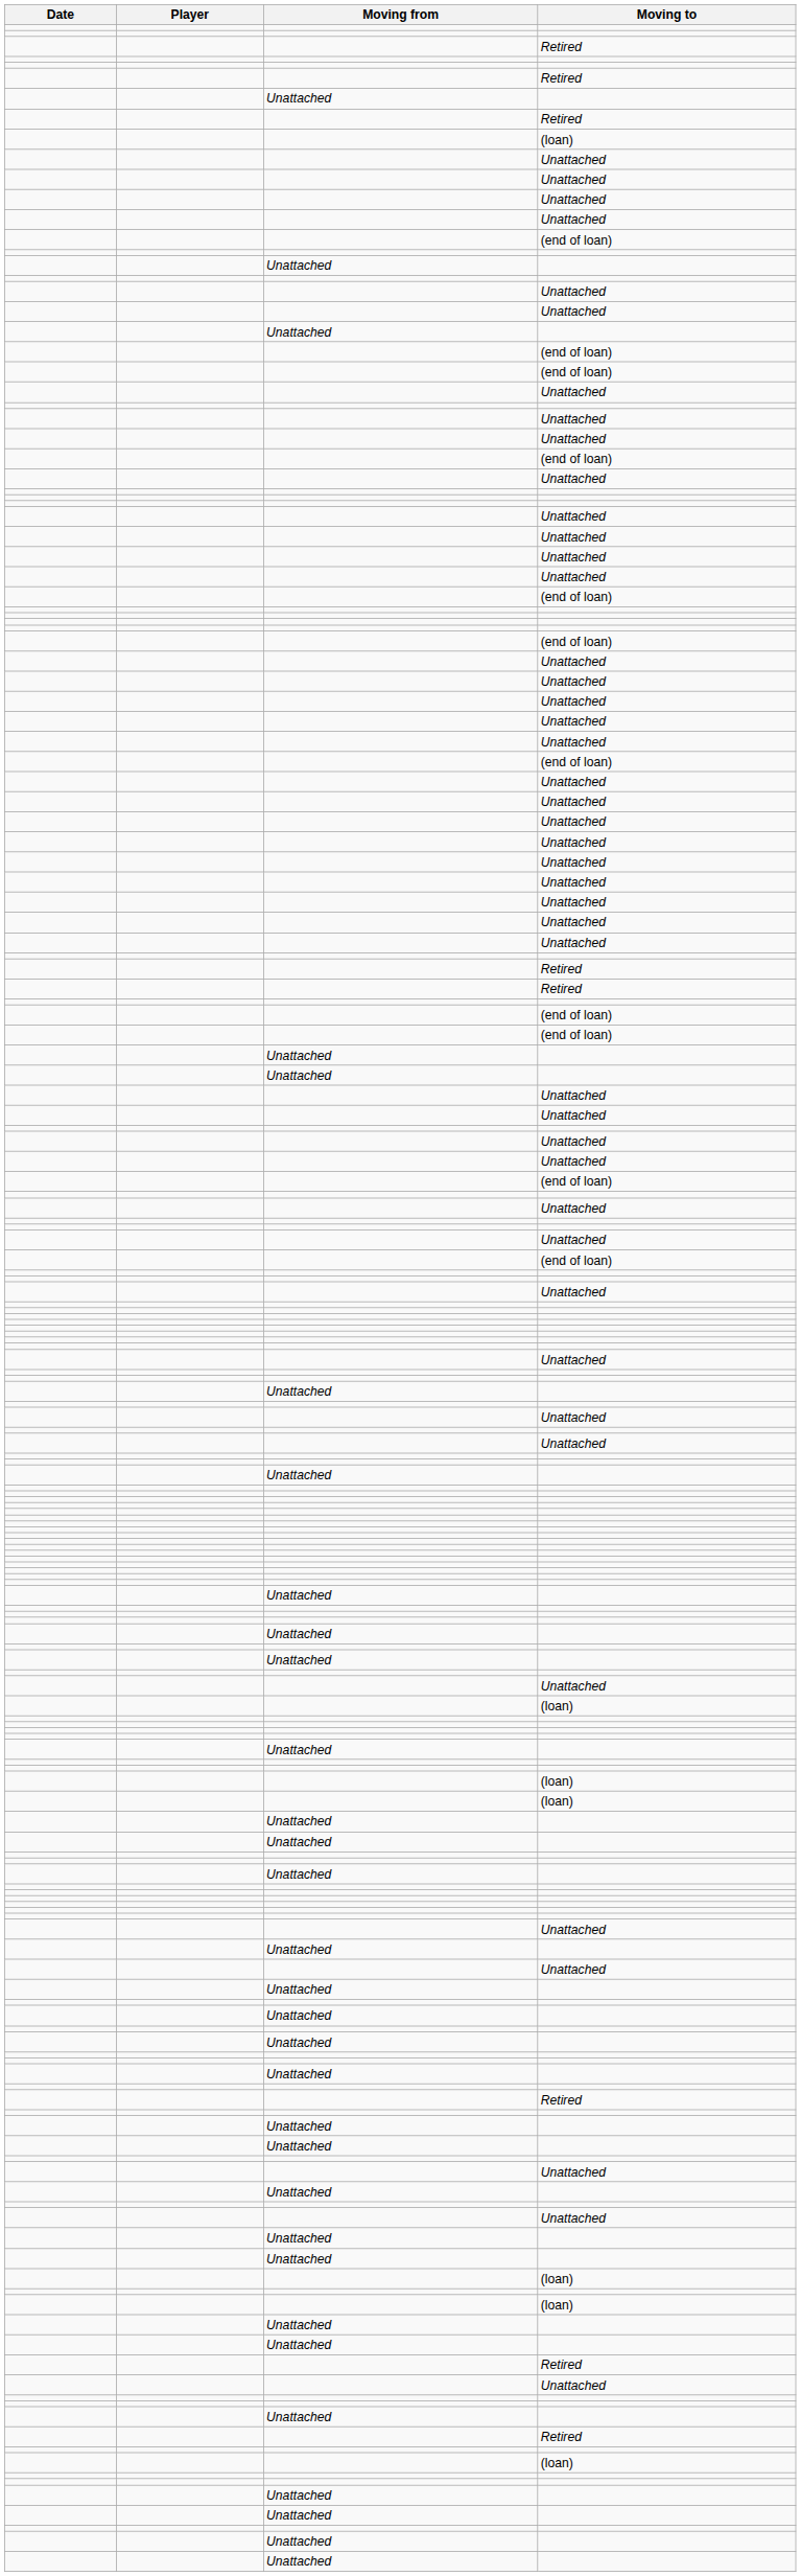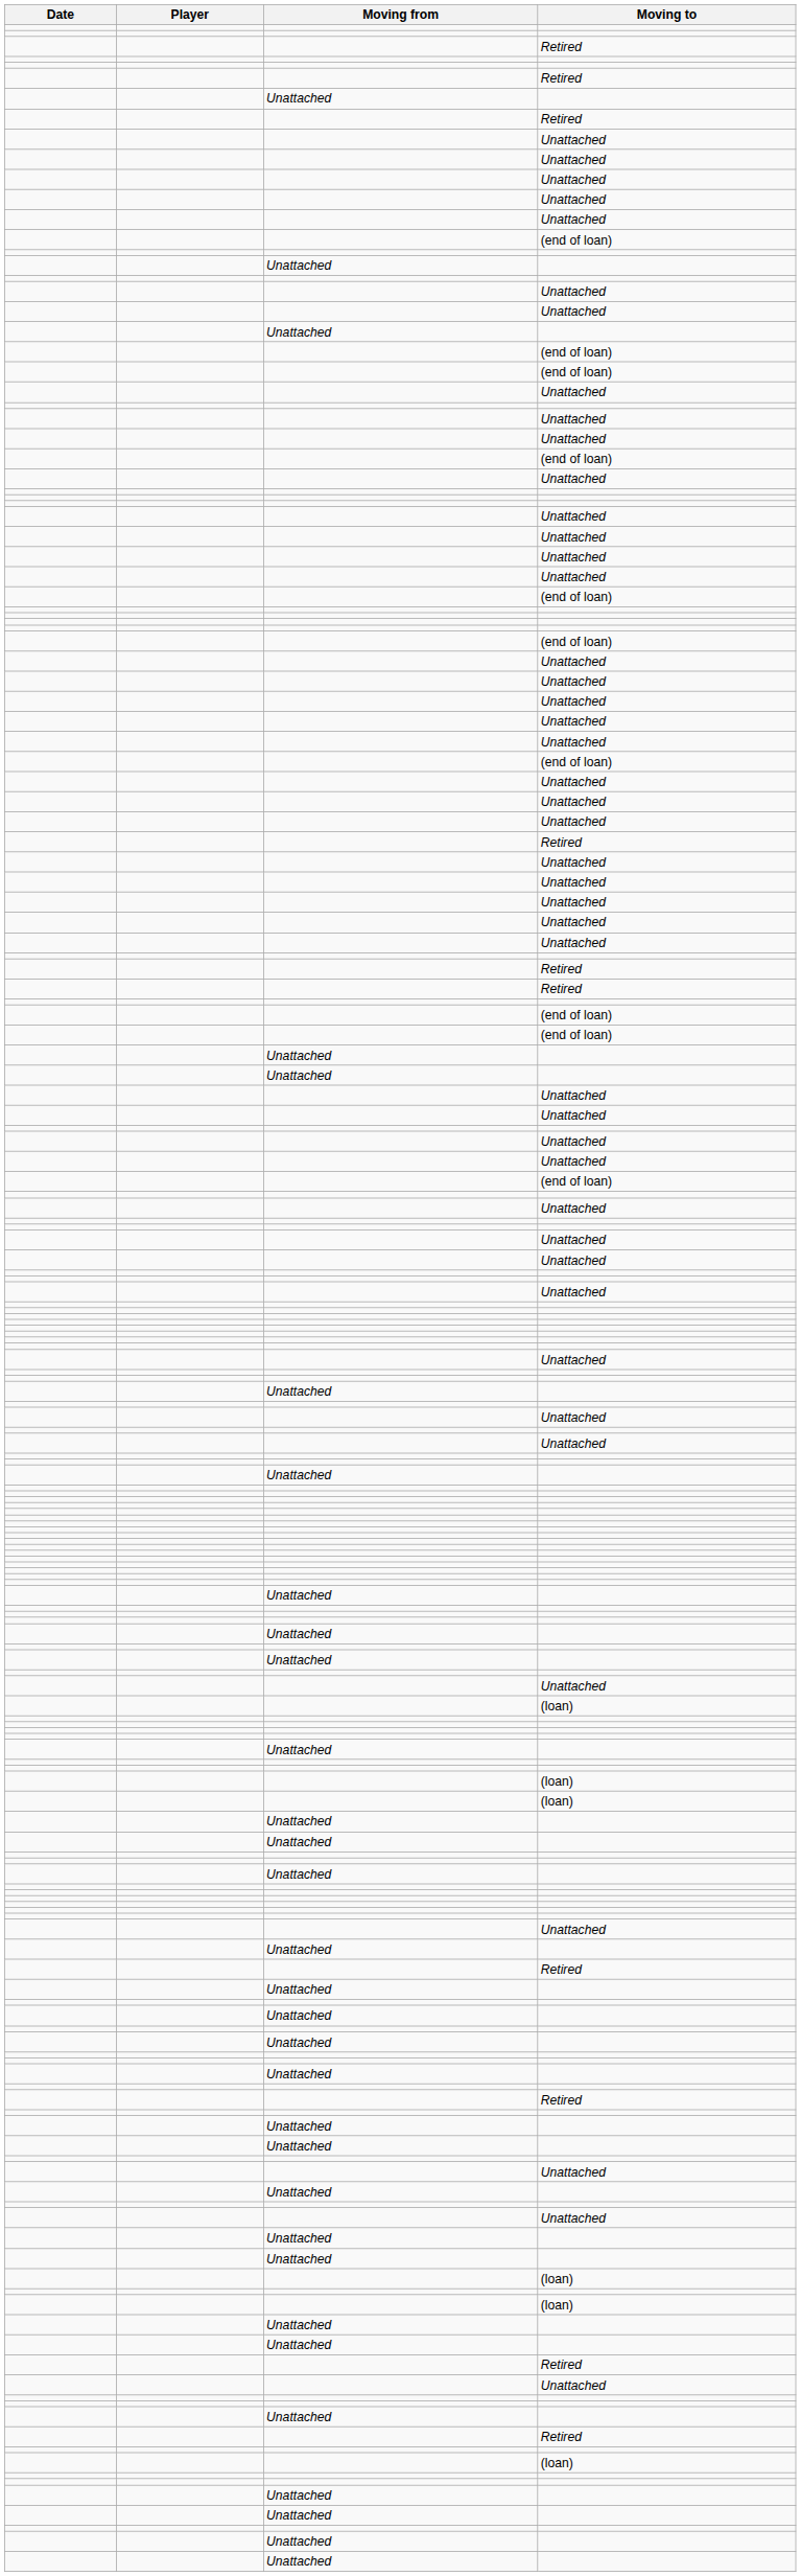 <table class="wikitable sortable" style="width:75%; font-size:95%; ">
 <tr>
 <th>Date</th>
 <th>Player</th>
 <th>Moving from</th>
 <th>Moving to</th>
 </tr>
 <tr>
 <td></td>
 <td></td>
 <td></td>
 <td></td>
 </tr>
 <tr>
 <td></td>
 <td></td>
 <td></td>
 <td></td>
 </tr>
 <tr>
 <td></td>
 <td></td>
 <td></td>
 <td><em>Retired</em></td>
 </tr>
 <tr>
 <td></td>
 <td></td>
 <td></td>
 <td></td>
 </tr>
 <tr>
 <td></td>
 <td></td>
 <td></td>
 <td></td>
 </tr>
 <tr>
 <td></td>
 <td></td>
 <td></td>
 <td><em>Retired</em></td>
 </tr>
 <tr>
 <td></td>
 <td></td>
 <td><em>Unattached</em></td>
 <td></td>
 </tr>
 <tr>
 <td></td>
 <td></td>
 <td></td>
 <td><em>Retired</em></td>
 </tr>
 <tr>
 <td></td>
 <td></td>
 <td></td>
-<td> (loan)</td>
+<td><em>Unattached</em></td>
 </tr>
 <tr>
 <td></td>
 <td></td>
 <td></td>
 <td><em>Unattached</em></td>
 </tr>
 <tr>
 <td></td>
 <td></td>
 <td></td>
 <td><em>Unattached</em></td>
 </tr>
 <tr>
 <td></td>
 <td></td>
 <td></td>
 <td><em>Unattached</em></td>
 </tr>
 <tr>
 <td></td>
 <td></td>
 <td></td>
 <td><em>Unattached</em></td>
 </tr>
 <tr>
 <td></td>
 <td></td>
 <td></td>
 <td> (end of loan)</td>
 </tr>
 <tr>
 <td></td>
 <td></td>
 <td></td>
 <td></td>
 </tr>
 <tr>
 <td></td>
 <td></td>
 <td><em>Unattached</em></td>
 <td></td>
 </tr>
 <tr>
 <td></td>
 <td></td>
 <td></td>
 <td></td>
 </tr>
 <tr>
 <td></td>
 <td></td>
 <td></td>
 <td><em>Unattached</em></td>
 </tr>
 <tr>
 <td></td>
 <td></td>
 <td></td>
 <td><em>Unattached</em></td>
 </tr>
 <tr>
 <td></td>
 <td></td>
 <td><em>Unattached</em></td>
 <td></td>
 </tr>
 <tr>
 <td></td>
 <td></td>
 <td></td>
 <td> (end of loan)</td>
 </tr>
 <tr>
 <td></td>
 <td></td>
 <td></td>
 <td> (end of loan)</td>
 </tr>
 <tr>
 <td></td>
 <td></td>
 <td></td>
 <td><em>Unattached</em></td>
 </tr>
 <tr>
 <td></td>
 <td></td>
 <td></td>
 <td></td>
 </tr>
 <tr>
 <td></td>
 <td></td>
 <td></td>
 <td><em>Unattached</em></td>
 </tr>
 <tr>
 <td></td>
 <td></td>
 <td></td>
 <td><em>Unattached</em></td>
 </tr>
 <tr>
 <td></td>
 <td></td>
 <td></td>
 <td> (end of loan)</td>
 </tr>
 <tr>
 <td></td>
 <td></td>
 <td></td>
 <td><em>Unattached</em></td>
 </tr>
 <tr>
 <td></td>
 <td></td>
 <td></td>
 <td></td>
 </tr>
 <tr>
 <td></td>
 <td></td>
 <td></td>
 <td></td>
 </tr>
 <tr>
 <td></td>
 <td></td>
 <td></td>
 <td></td>
 </tr>
 <tr>
 <td></td>
 <td></td>
 <td></td>
 <td><em>Unattached</em> </td>
 </tr>
 <tr>
 <td></td>
 <td></td>
 <td></td>
 <td><em>Unattached</em></td>
 </tr>
 <tr>
 <td></td>
 <td></td>
 <td></td>
 <td><em>Unattached</em></td>
 </tr>
 <tr>
 <td></td>
 <td></td>
 <td></td>
 <td><em>Unattached</em></td>
 </tr>
 <tr>
 <td></td>
 <td></td>
 <td></td>
 <td> (end of loan)</td>
 </tr>
 <tr>
 <td></td>
 <td></td>
 <td></td>
 <td></td>
 </tr>
 <tr>
 <td></td>
 <td></td>
 <td></td>
 <td></td>
 </tr>
 <tr>
 <td></td>
 <td></td>
 <td></td>
 <td></td>
 </tr>
 <tr>
 <td></td>
 <td></td>
 <td></td>
 <td></td>
 </tr>
 <tr>
 <td></td>
 <td></td>
 <td></td>
 <td> (end of loan)</td>
 </tr>
 <tr>
 <td></td>
 <td></td>
 <td></td>
 <td><em>Unattached</em></td>
 </tr>
 <tr>
 <td></td>
 <td></td>
 <td></td>
 <td><em>Unattached</em></td>
 </tr>
 <tr>
 <td></td>
 <td></td>
 <td></td>
 <td><em>Unattached</em></td>
 </tr>
 <tr>
 <td></td>
 <td></td>
 <td></td>
 <td><em>Unattached</em></td>
 </tr>
 <tr>
 <td></td>
 <td></td>
 <td></td>
 <td><em>Unattached</em></td>
 </tr>
 <tr>
 <td></td>
 <td></td>
 <td></td>
 <td> (end of loan)</td>
 </tr>
 <tr>
 <td></td>
 <td></td>
 <td></td>
 <td><em>Unattached</em></td>
 </tr>
 <tr>
 <td></td>
 <td></td>
 <td></td>
 <td><em>Unattached</em></td>
 </tr>
 <tr>
 <td></td>
 <td></td>
 <td></td>
 <td><em>Unattached</em></td>
 </tr>
 <tr>
 <td></td>
 <td></td>
 <td></td>
-<td><em>Unattached</em></td>
+<td><em>Retired</em></td>
 </tr>
 <tr>
 <td></td>
 <td></td>
 <td></td>
 <td><em>Unattached</em></td>
 </tr>
 <tr>
 <td></td>
 <td></td>
 <td></td>
 <td><em>Unattached</em></td>
 </tr>
 <tr>
 <td></td>
 <td></td>
 <td></td>
 <td><em>Unattached</em></td>
 </tr>
 <tr>
 <td></td>
 <td></td>
 <td></td>
 <td><em>Unattached</em></td>
 </tr>
 <tr>
 <td></td>
 <td></td>
 <td></td>
 <td><em>Unattached</em></td>
 </tr>
 <tr>
 <td></td>
 <td></td>
 <td></td>
 <td></td>
 </tr>
 <tr>
 <td></td>
 <td></td>
 <td></td>
 <td><em>Retired</em></td>
 </tr>
 <tr>
 <td></td>
 <td></td>
 <td></td>
 <td><em>Retired</em></td>
 </tr>
 <tr>
 <td></td>
 <td></td>
 <td></td>
 <td></td>
 </tr>
 <tr>
 <td></td>
 <td></td>
 <td></td>
 <td> (end of loan)</td>
 </tr>
 <tr>
 <td></td>
 <td></td>
 <td></td>
 <td> (end of loan)</td>
 </tr>
 <tr>
 <td></td>
 <td></td>
 <td><em>Unattached</em></td>
 <td></td>
 </tr>
 <tr>
 <td></td>
 <td></td>
 <td><em>Unattached</em></td>
 <td></td>
 </tr>
 <tr>
 <td></td>
 <td></td>
 <td></td>
 <td><em>Unattached</em></td>
 </tr>
 <tr>
 <td></td>
 <td></td>
 <td></td>
 <td><em>Unattached</em></td>
 </tr>
 <tr>
 <td></td>
 <td></td>
 <td></td>
 <td></td>
 </tr>
 <tr>
 <td></td>
 <td></td>
 <td></td>
 <td><em>Unattached</em></td>
 </tr>
 <tr>
 <td></td>
 <td></td>
 <td></td>
 <td><em>Unattached</em></td>
 </tr>
 <tr>
 <td></td>
 <td></td>
 <td></td>
 <td> (end of loan)</td>
 </tr>
 <tr>
 <td></td>
 <td></td>
 <td></td>
 <td></td>
 </tr>
 <tr>
 <td></td>
 <td></td>
 <td></td>
 <td><em>Unattached</em></td>
 </tr>
 <tr>
 <td></td>
 <td></td>
 <td></td>
 <td></td>
 </tr>
 <tr>
 <td></td>
 <td></td>
 <td></td>
 <td></td>
 </tr>
 <tr>
 <td></td>
 <td></td>
 <td></td>
 <td><em>Unattached</em></td>
 </tr>
 <tr>
 <td></td>
 <td></td>
 <td></td>
-<td> (end of loan)</td>
+<td><em>Unattached</em></td>
 </tr>
 <tr>
 <td></td>
 <td></td>
 <td></td>
 <td></td>
 </tr>
 <tr>
 <td></td>
 <td></td>
 <td></td>
 <td></td>
 </tr>
 <tr>
 <td></td>
 <td></td>
 <td></td>
 <td><em>Unattached</em></td>
 </tr>
 <tr>
 <td></td>
 <td></td>
 <td></td>
 <td></td>
 </tr>
 <tr>
 <td></td>
 <td></td>
 <td></td>
 <td></td>
 </tr>
 <tr>
 <td></td>
 <td></td>
 <td></td>
 <td></td>
 </tr>
 <tr>
 <td></td>
 <td></td>
 <td></td>
 <td></td>
 </tr>
 <tr>
 <td></td>
 <td></td>
 <td></td>
 <td></td>
 </tr>
 <tr>
 <td></td>
 <td></td>
 <td></td>
 <td></td>
 </tr>
 <tr>
 <td></td>
 <td></td>
 <td></td>
 <td></td>
 </tr>
 <tr>
 <td></td>
 <td></td>
 <td></td>
 <td></td>
 </tr>
 <tr>
 <td></td>
 <td></td>
 <td></td>
 <td><em>Unattached</em></td>
 </tr>
 <tr>
 <td></td>
 <td></td>
 <td></td>
 <td></td>
 </tr>
 <tr>
 <td></td>
 <td></td>
 <td></td>
 <td></td>
 </tr>
 <tr>
 <td></td>
 <td></td>
 <td><em>Unattached</em></td>
 <td></td>
 </tr>
 <tr>
 <td></td>
 <td></td>
 <td></td>
 <td></td>
 </tr>
 <tr>
 <td></td>
 <td></td>
 <td></td>
 <td><em>Unattached</em></td>
 </tr>
 <tr>
 <td></td>
 <td></td>
 <td></td>
 <td></td>
 </tr>
 <tr>
 <td></td>
 <td></td>
 <td></td>
 <td><em>Unattached</em></td>
 </tr>
 <tr>
 <td></td>
 <td></td>
 <td></td>
 <td></td>
 </tr>
 <tr>
 <td></td>
 <td></td>
 <td></td>
 <td></td>
 </tr>
 <tr>
 <td></td>
 <td></td>
 <td><em>Unattached</em></td>
 <td></td>
 </tr>
 <tr>
 <td></td>
 <td></td>
 <td></td>
 <td></td>
 </tr>
 <tr>
 <td></td>
 <td></td>
 <td></td>
 <td></td>
 </tr>
 <tr>
 <td></td>
 <td></td>
 <td></td>
 <td></td>
 </tr>
 <tr>
 <td></td>
 <td></td>
 <td></td>
 <td></td>
 </tr>
 <tr>
 <td></td>
 <td></td>
 <td></td>
 <td></td>
 </tr>
 <tr>
 <td></td>
 <td></td>
 <td></td>
 <td></td>
 </tr>
 <tr>
 <td></td>
 <td></td>
 <td></td>
 <td></td>
 </tr>
 <tr>
 <td></td>
 <td></td>
 <td></td>
 <td></td>
 </tr>
 <tr>
 <td></td>
 <td></td>
 <td></td>
 <td></td>
 </tr>
 <tr>
 <td></td>
 <td></td>
 <td></td>
 <td></td>
 </tr>
 <tr>
 <td></td>
 <td></td>
 <td></td>
 <td></td>
 </tr>
 <tr>
 <td></td>
 <td></td>
 <td></td>
 <td></td>
 </tr>
 <tr>
 <td></td>
 <td></td>
 <td></td>
 <td></td>
 </tr>
 <tr>
 <td></td>
 <td></td>
 <td></td>
 <td></td>
 </tr>
 <tr>
 <td></td>
 <td></td>
 <td></td>
 <td></td>
 </tr>
 <tr>
 <td></td>
 <td></td>
 <td></td>
 <td></td>
 </tr>
 <tr>
 <td></td>
 <td></td>
 <td></td>
 <td></td>
 </tr>
 <tr>
 <td></td>
 <td></td>
 <td><em>Unattached</em></td>
 <td></td>
 </tr>
 <tr>
 <td></td>
 <td></td>
 <td></td>
 <td></td>
 </tr>
 <tr>
 <td></td>
 <td></td>
 <td></td>
 <td></td>
 </tr>
 <tr>
 <td></td>
 <td></td>
 <td></td>
 <td></td>
 </tr>
 <tr>
 <td></td>
 <td></td>
 <td><em>Unattached</em></td>
 <td></td>
 </tr>
 <tr>
 <td></td>
 <td></td>
 <td></td>
 <td></td>
 </tr>
 <tr>
 <td></td>
 <td></td>
 <td><em>Unattached</em></td>
 <td></td>
 </tr>
 <tr>
 <td></td>
 <td></td>
 <td></td>
 <td></td>
 </tr>
 <tr>
 <td></td>
 <td></td>
 <td></td>
 <td><em>Unattached</em></td>
 </tr>
 <tr>
 <td></td>
 <td></td>
 <td></td>
 <td> (loan)</td>
 </tr>
 <tr>
 <td></td>
 <td></td>
 <td></td>
 <td></td>
 </tr>
 <tr>
 <td></td>
 <td></td>
 <td></td>
 <td></td>
 </tr>
 <tr>
 <td></td>
 <td></td>
 <td></td>
 <td></td>
 </tr>
 <tr>
 <td></td>
 <td></td>
 <td></td>
 <td></td>
 </tr>
 <tr>
 <td></td>
 <td></td>
 <td><em>Unattached</em></td>
 <td></td>
 </tr>
 <tr>
 <td></td>
 <td></td>
 <td></td>
 <td></td>
 </tr>
 <tr>
 <td></td>
 <td></td>
 <td></td>
 <td></td>
 </tr>
 <tr>
 <td></td>
 <td></td>
 <td></td>
 <td> (loan)</td>
 </tr>
 <tr>
 <td></td>
 <td></td>
 <td></td>
 <td> (loan)</td>
 </tr>
 <tr>
 <td></td>
 <td></td>
 <td><em>Unattached</em></td>
 <td></td>
 </tr>
 <tr>
 <td></td>
 <td></td>
 <td><em>Unattached</em></td>
 <td></td>
 </tr>
 <tr>
 <td></td>
 <td></td>
 <td></td>
 <td></td>
 </tr>
 <tr>
 <td></td>
 <td></td>
 <td></td>
 <td></td>
 </tr>
 <tr>
 <td></td>
 <td></td>
 <td><em>Unattached</em></td>
 <td></td>
 </tr>
 <tr>
 <td></td>
 <td></td>
 <td></td>
 <td></td>
 </tr>
 <tr>
 <td></td>
 <td></td>
 <td></td>
 <td></td>
 </tr>
 <tr>
 <td></td>
 <td></td>
 <td></td>
 <td></td>
 </tr>
 <tr>
 <td></td>
 <td></td>
 <td></td>
 <td></td>
 </tr>
 <tr>
 <td></td>
 <td></td>
 <td></td>
 <td></td>
 </tr>
 <tr>
 <td></td>
 <td></td>
 <td></td>
 <td></td>
 </tr>
 <tr>
 <td></td>
 <td></td>
 <td></td>
 <td><em>Unattached</em></td>
 </tr>
 <tr>
 <td></td>
 <td></td>
 <td><em>Unattached</em></td>
 <td></td>
 </tr>
 <tr>
 <td></td>
 <td></td>
 <td></td>
-<td><em>Unattached</em></td>
+<td><em>Retired</em></td>
 </tr>
 <tr>
 <td></td>
 <td></td>
 <td><em>Unattached</em></td>
 <td></td>
 </tr>
 <tr>
 <td></td>
 <td></td>
 <td></td>
 <td></td>
 </tr>
 <tr>
 <td></td>
 <td></td>
 <td><em>Unattached</em></td>
 <td></td>
 </tr>
 <tr>
 <td></td>
 <td></td>
 <td></td>
 <td></td>
 </tr>
 <tr>
 <td></td>
 <td></td>
 <td><em>Unattached</em></td>
 <td></td>
 </tr>
 <tr>
 <td></td>
 <td></td>
 <td></td>
 <td></td>
 </tr>
 <tr>
 <td></td>
 <td></td>
 <td></td>
 <td></td>
 </tr>
 <tr>
 <td></td>
 <td></td>
 <td><em>Unattached</em></td>
 <td></td>
 </tr>
 <tr>
 <td></td>
 <td></td>
 <td></td>
 <td></td>
 </tr>
 <tr>
 <td></td>
 <td></td>
 <td></td>
 <td><em>Retired</em></td>
 </tr>
 <tr>
 <td></td>
 <td></td>
 <td></td>
 <td></td>
 </tr>
 <tr>
 <td></td>
 <td></td>
 <td><em>Unattached</em></td>
 <td></td>
 </tr>
 <tr>
 <td></td>
 <td></td>
 <td><em>Unattached</em></td>
 <td></td>
 </tr>
 <tr>
 <td></td>
 <td></td>
 <td></td>
 <td></td>
 </tr>
 <tr>
 <td></td>
 <td></td>
 <td></td>
 <td><em>Unattached</em></td>
 </tr>
 <tr>
 <td></td>
 <td></td>
 <td><em>Unattached</em></td>
 <td></td>
 </tr>
 <tr>
 <td></td>
 <td></td>
 <td></td>
 <td></td>
 </tr>
 <tr>
 <td></td>
 <td></td>
 <td></td>
 <td><em>Unattached</em></td>
 </tr>
 <tr>
 <td></td>
 <td></td>
 <td><em>Unattached</em></td>
 <td></td>
 </tr>
 <tr>
 <td></td>
 <td></td>
 <td><em>Unattached</em></td>
 <td></td>
 </tr>
 <tr>
 <td></td>
 <td></td>
 <td></td>
 <td> (loan)</td>
 </tr>
 <tr>
 <td></td>
 <td></td>
 <td></td>
 <td></td>
 </tr>
 <tr>
 <td></td>
 <td></td>
 <td></td>
 <td> (loan)</td>
 </tr>
 <tr>
 <td></td>
 <td></td>
 <td><em>Unattached</em></td>
 <td></td>
 </tr>
 <tr>
 <td></td>
 <td></td>
 <td><em>Unattached</em></td>
 <td></td>
 </tr>
 <tr>
 <td></td>
 <td></td>
 <td></td>
 <td><em>Retired</em></td>
 </tr>
 <tr>
 <td></td>
 <td></td>
 <td></td>
 <td><em>Unattached</em></td>
 </tr>
 <tr>
 <td></td>
 <td></td>
 <td></td>
 <td></td>
 </tr>
 <tr>
 <td></td>
 <td></td>
 <td></td>
 <td></td>
 </tr>
 <tr>
 <td></td>
 <td></td>
 <td><em>Unattached</em></td>
 <td></td>
 </tr>
 <tr>
 <td></td>
 <td></td>
 <td></td>
 <td><em>Retired</em></td>
 </tr>
 <tr>
 <td></td>
 <td></td>
 <td></td>
 <td></td>
 </tr>
 <tr>
 <td></td>
 <td></td>
 <td></td>
 <td>(loan)</td>
 </tr>
 <tr>
 <td></td>
 <td></td>
 <td></td>
 <td></td>
 </tr>
 <tr>
 <td></td>
 <td></td>
 <td></td>
 <td></td>
 </tr>
 <tr>
 <td></td>
 <td></td>
 <td><em>Unattached</em></td>
 <td></td>
 </tr>
 <tr>
 <td></td>
 <td></td>
 <td><em>Unattached</em></td>
 <td></td>
 </tr>
 <tr>
 <td></td>
 <td></td>
 <td></td>
 <td></td>
 </tr>
 <tr>
 <td></td>
 <td></td>
 <td><em>Unattached</em></td>
 <td></td>
 </tr>
 <tr>
 <td></td>
 <td></td>
 <td><em>Unattached</em></td>
 <td></td>
 </tr>
 </table>
